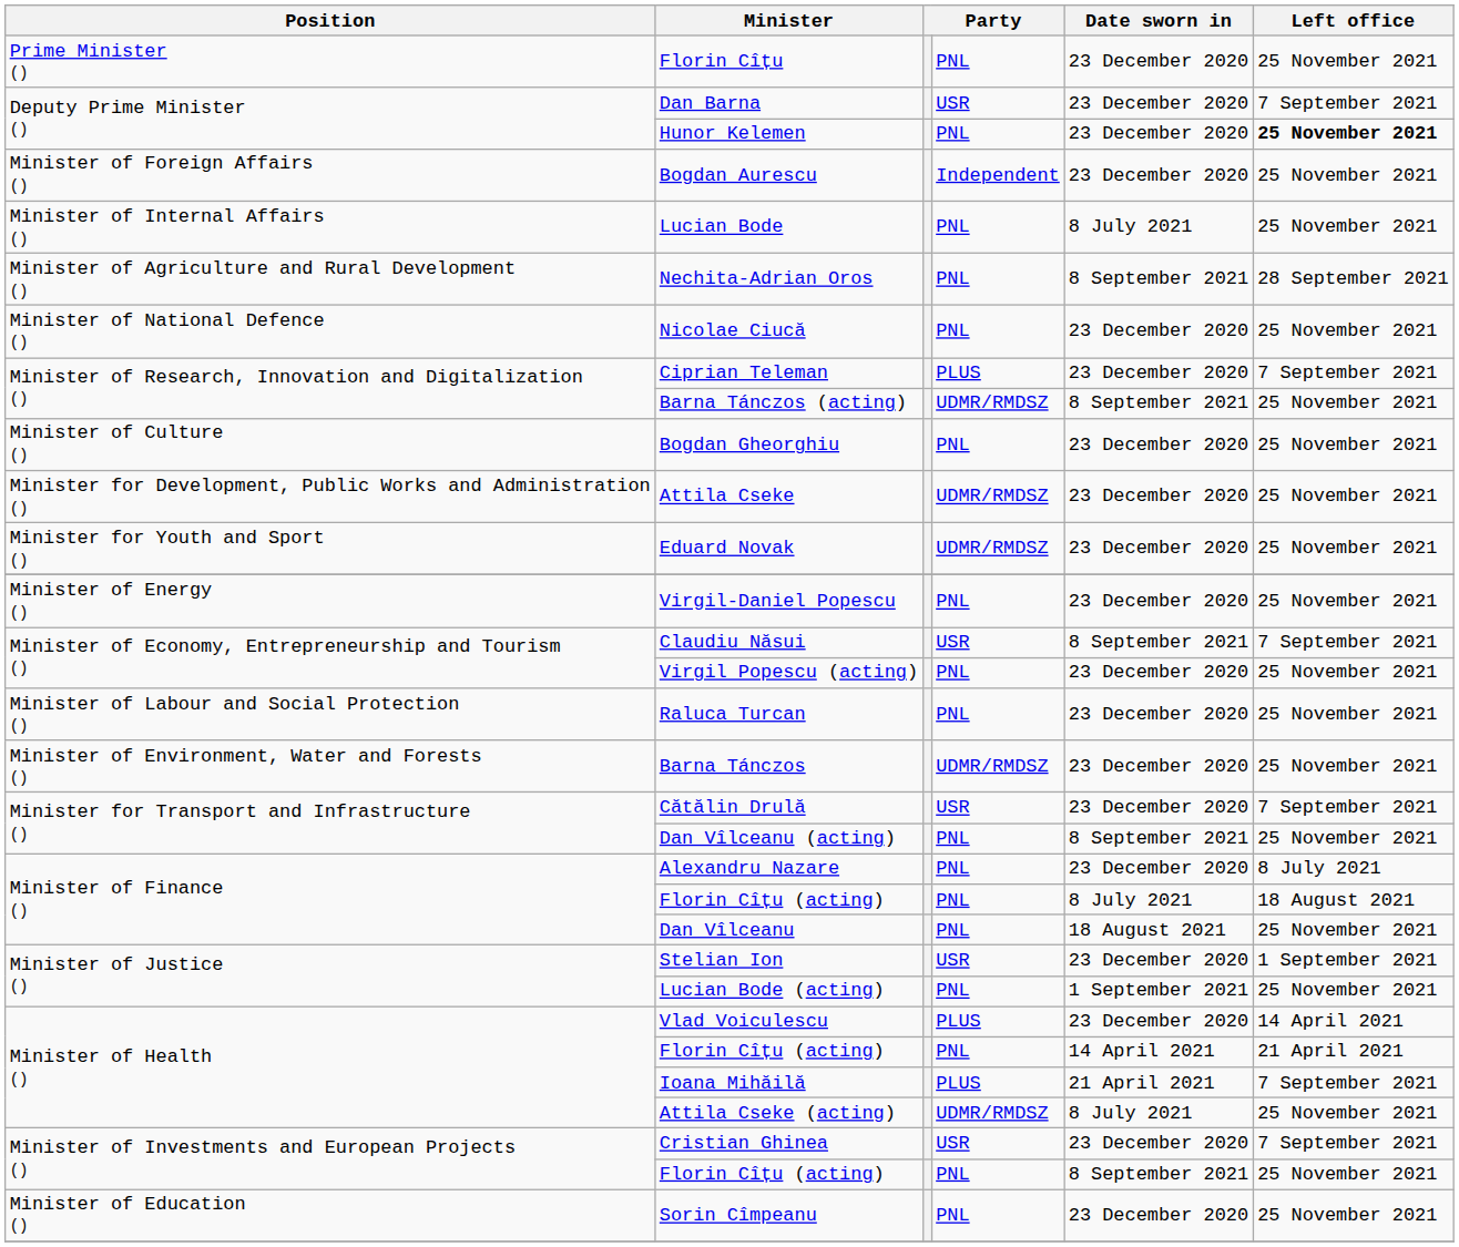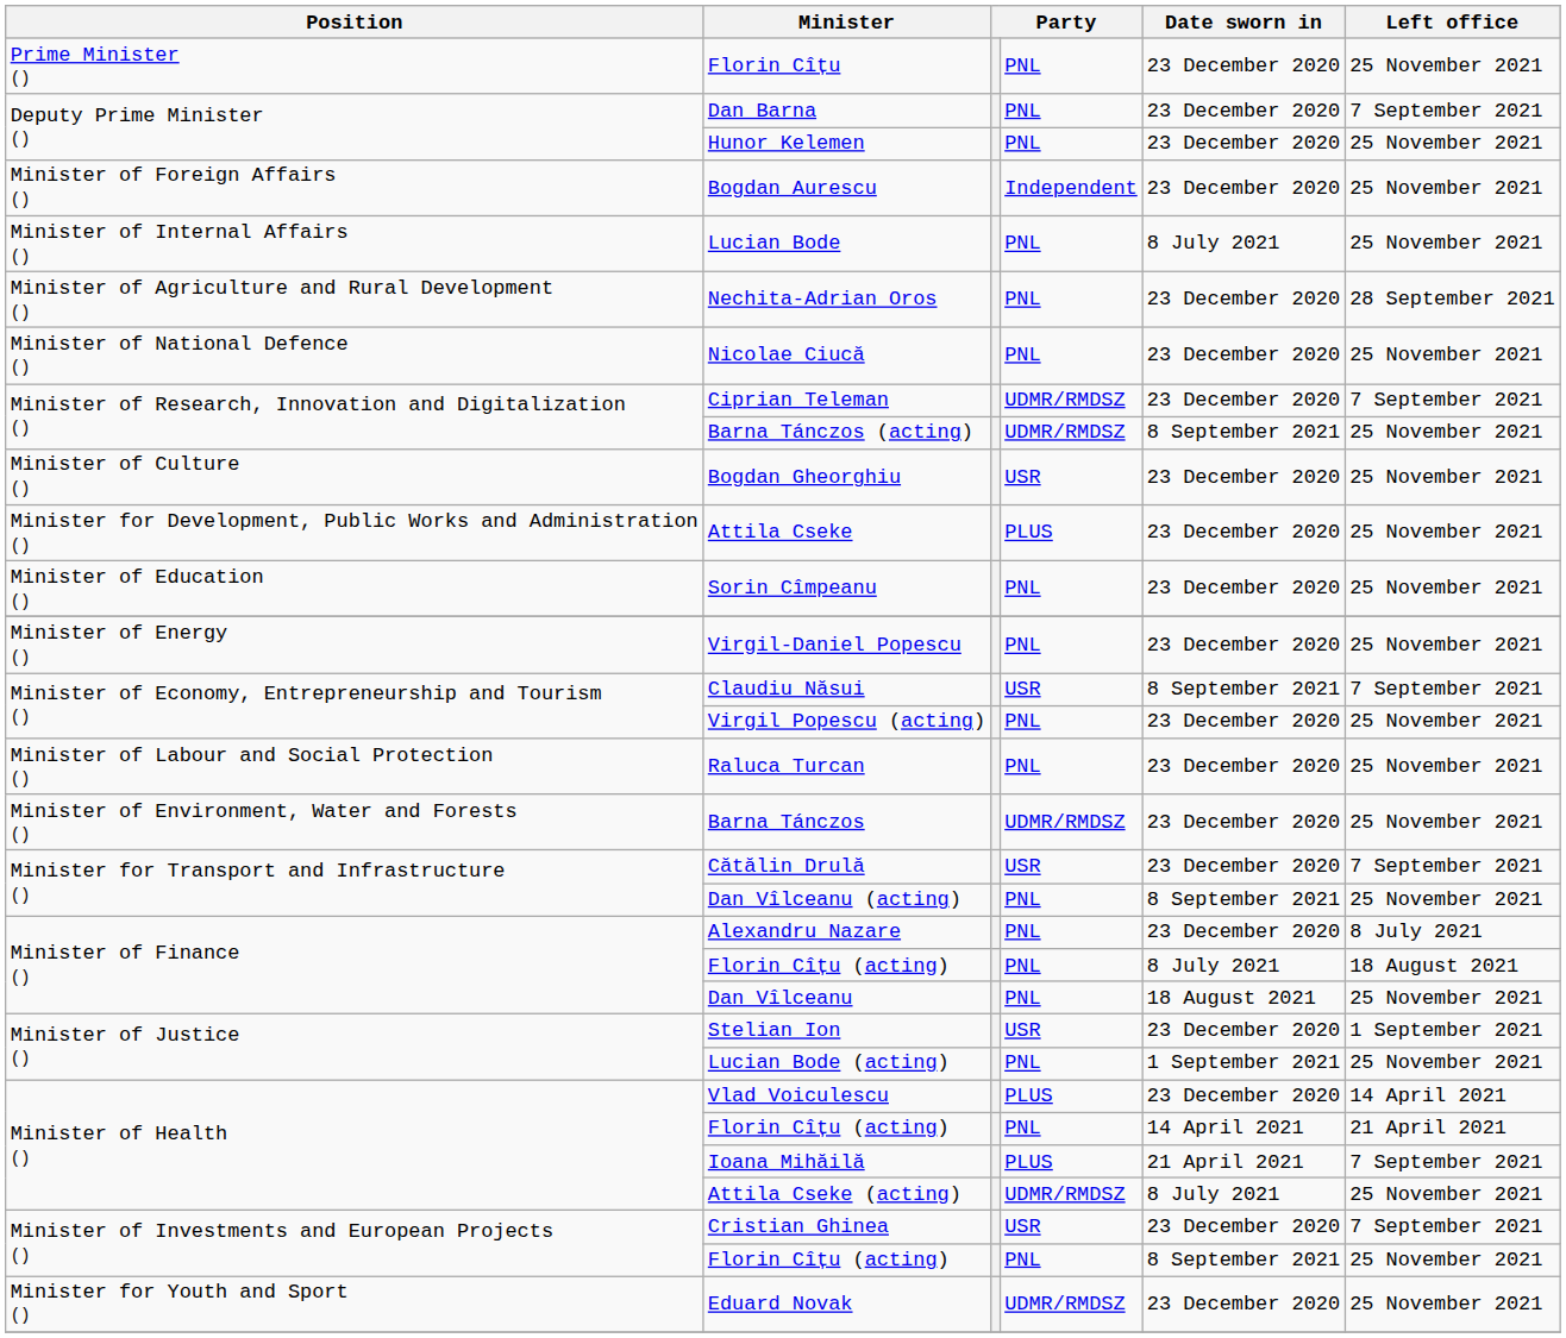 <table class="wikitable">
 <tr style="font-weight:bold; text-align:center; vertical-align:middle; background-color:#CCC;">
 <th>Position</th>
 <th>Minister</th>
 <th colspan="2">Party</th>
 <th>Date sworn in</th>
 <th>Left office</th>
 </tr>
 <tr style="vertical-align:middle;">
 <td><a href='#'>Prime Minister</a><br><small>()</small></td>
 <td><a href='#'>Florin Cîțu</a></td>
 <th style="background-color: "></th>
 <td><a href='#'>PNL</a></td>
 <td>23 December 2020</td>
 <td>25 November 2021</td>
 </tr>
 <tr>
 <td rowspan="2" style="vertical-align:middle;">Deputy Prime Minister<br><small>()</small></td>
 <td style="vertical-align:middle;"><a href='#'>Dan Barna</a></td>
 <th style="background-color: "></th>
-<td style="vertical-align:middle;"><a href='#'>USR</a></td>
+<td style="vertical-align:middle;"><a href='#'>PNL</a></td>
 <td>23 December 2020</td>
 <td>7 September 2021</td>
 </tr>
 <tr>
 <td><a href='#'>Hunor Kelemen</a></td>
 <th style="background-color: "></th>
 <td style="vertical-align:middle;"><a href='#'>PNL</a></td>
 <td>23 December 2020</td>
-<td><strong>25 November 2021</strong></td>
+<td>25 November 2021</td>
 </tr>
 <tr>
 <td style="vertical-align:middle;">Minister of Foreign Affairs<br><small>()</small></td>
 <td style="vertical-align:middle;"><a href='#'>Bogdan Aurescu</a></td>
 <th style="background-color: "></th>
 <td style="vertical-align:middle;"><a href='#'>Independent</a></td>
 <td>23 December 2020</td>
 <td style="vertical-align:middle;">25 November 2021</td>
 </tr>
 <tr>
 <td style="vertical-align:middle;">Minister of Internal Affairs<br><small>()</small></td>
 <td style="vertical-align:middle;"><a href='#'>Lucian Bode</a></td>
 <th style="background-color: "></th>
 <td style="vertical-align:middle;"><a href='#'>PNL</a></td>
 <td>8 July 2021</td>
 <td style="vertical-align:middle;">25 November 2021</td>
 </tr>
 <tr>
 <td style="vertical-align:middle;">Minister of Agriculture and Rural Development<br><small>()</small></td>
 <td style="vertical-align:middle;"><a href='#'>Nechita-Adrian Oros</a></td>
 <th style="background-color: "></th>
 <td style="vertical-align:middle;"><a href='#'>PNL</a></td>
-<td>8 September 2021</td>
+<td>23 December 2020</td>
 <td>28 September 2021</td>
 </tr>
 <tr>
 <td style="vertical-align:middle;">Minister of National Defence<br><small>()</small></td>
 <td style="vertical-align:middle;"><a href='#'>Nicolae Ciucă</a></td>
 <th style="background-color: "></th>
 <td style="vertical-align:middle;"><a href='#'>PNL</a></td>
 <td>23 December 2020</td>
 <td style="vertical-align:middle;">25 November 2021</td>
 </tr>
 <tr>
 <td rowspan="2" style="vertical-align:middle;">Minister of Research, Innovation and Digitalization<br><small>()</small></td>
 <td><a href='#'>Ciprian Teleman</a></td>
 <th style="background-color: "></th>
-<td><a href='#'>PLUS</a></td>
+<td><a href='#'>UDMR/RMDSZ</a></td>
 <td>23 December 2020</td>
 <td>7 September 2021</td>
 </tr>
 <tr>
 <td style="vertical-align:middle;"><a href='#'>Barna Tánczos</a> (<a href='#'>acting</a>)</td>
 <th style="background-color: "></th>
 <td><a href='#'>UDMR/RMDSZ</a></td>
 <td>8 September 2021</td>
 <td>25 November 2021</td>
 </tr>
 <tr>
 <td style="vertical-align:middle;">Minister of Culture<br><small>()</small></td>
 <td style="vertical-align:middle;"><a href='#'>Bogdan Gheorghiu</a></td>
 <th style="background-color: "></th>
-<td style="vertical-align:middle;"><a href='#'>PNL</a></td>
+<td style="vertical-align:middle;"><a href='#'>USR</a></td>
 <td>23 December 2020</td>
 <td style="vertical-align:middle;">25 November 2021</td>
 </tr>
 <tr>
 <td style="vertical-align:middle;">Minister for Development, Public Works and Administration<br><small>()</small></td>
 <td style="vertical-align:middle;"><a href='#'>Attila Cseke</a></td>
 <th style="background-color: "></th>
-<td><a href='#'>UDMR/RMDSZ</a></td>
+<td><a href='#'>PLUS</a></td>
 <td>23 December 2020</td>
 <td style="vertical-align:middle;">25 November 2021</td>
 </tr>
 <tr>
-<td style="vertical-align:middle;">Minister for Youth and Sport<br><small>()</small></td>
-<td style="vertical-align:middle;"><a href='#'>Eduard Novak</a></td>
+<td style="vertical-align:middle;">Minister of Education<br><small>()</small></td>
+<td style="vertical-align:middle;"><a href='#'>Sorin Cîmpeanu</a></td>
 <th style="background-color: "></th>
-<td><a href='#'>UDMR/RMDSZ</a></td>
+<td style="vertical-align:middle;"><a href='#'>PNL</a></td>
 <td>23 December 2020</td>
 <td style="vertical-align:middle;">25 November 2021</td>
 </tr>
 <tr>
 </tr>
 <tr>
 <td style="vertical-align:middle;">Minister of Energy<br><small>()</small></td>
 <td style="vertical-align:middle;"><a href='#'>Virgil-Daniel Popescu</a></td>
 <th style="background-color: "></th>
 <td style="vertical-align:middle;"><a href='#'>PNL</a></td>
 <td>23 December 2020</td>
 <td style="vertical-align:middle;">25 November 2021</td>
 </tr>
 <tr>
 <td rowspan="2" style="vertical-align:middle;">Minister of Economy, Entrepreneurship and Tourism<br><small>()</small></td>
 <td style="vertical-align:middle;"><a href='#'>Claudiu Năsui</a></td>
 <th style="background-color: "></th>
 <td style="vertical-align:middle;"><a href='#'>USR</a></td>
 <td>8 September 2021</td>
 <td>7 September 2021</td>
 </tr>
 <tr>
 <td style="vertical-align:middle;"><a href='#'>Virgil Popescu</a> (<a href='#'>acting</a>)</td>
 <th style="background-color: "></th>
 <td><a href='#'>PNL</a></td>
 <td>23 December 2020</td>
 <td>25 November 2021</td>
 </tr>
 <tr>
 <td style="vertical-align:middle;">Minister of Labour and Social Protection<br><small>()</small></td>
 <td style="vertical-align:middle;"><a href='#'>Raluca Turcan</a></td>
 <th style="background-color: "></th>
 <td style="vertical-align:middle;"><a href='#'>PNL</a></td>
 <td>23 December 2020</td>
 <td style="vertical-align:middle;">25 November 2021</td>
 </tr>
 <tr>
 <td style="vertical-align:middle;">Minister of Environment, Water and Forests<br><small>()</small></td>
 <td style="vertical-align:middle;"><a href='#'>Barna Tánczos</a></td>
 <th style="background-color: "></th>
 <td><a href='#'>UDMR/RMDSZ</a></td>
 <td>23 December 2020</td>
 <td style="vertical-align:middle;">25 November 2021</td>
 </tr>
 <tr>
 <td rowspan="2" style="vertical-align:middle;">Minister for Transport and Infrastructure<br><small>()</small></td>
 <td style="vertical-align:middle;"><a href='#'>Cătălin Drulă</a></td>
 <th style="background-color: "></th>
 <td><a href='#'>USR</a></td>
 <td>23 December 2020</td>
 <td>7 September 2021</td>
 </tr>
 <tr>
 <td style="vertical-align:middle;"><a href='#'>Dan Vîlceanu</a> (<a href='#'>acting</a>)</td>
 <th style="background-color: "></th>
 <td><a href='#'>PNL</a></td>
 <td>8 September 2021</td>
 <td>25 November 2021</td>
 </tr>
 <tr>
 <td rowspan="3" style="vertical-align:middle;">Minister of Finance<br><small>()</small></td>
 <td style="vertical-align:middle;"><a href='#'>Alexandru Nazare</a></td>
 <th style="background-color: "></th>
 <td style="vertical-align:middle;"><a href='#'>PNL</a></td>
 <td>23 December 2020</td>
 <td style="vertical-align:middle;">8 July 2021</td>
 </tr>
 <tr>
 <td style="vertical-align:middle;"><a href='#'>Florin Cîțu</a> (<a href='#'>acting</a>)</td>
 <th style="background-color: "></th>
 <td><a href='#'>PNL</a></td>
 <td>8 July 2021</td>
 <td style="vertical-align:middle;">18 August 2021</td>
 </tr>
 <tr>
 <td style="vertical-align:middle;"><a href='#'>Dan Vîlceanu</a></td>
 <th style="background-color: "></th>
 <td><a href='#'>PNL</a></td>
 <td>18 August 2021</td>
 <td>25 November 2021</td>
 </tr>
 <tr>
 <td rowspan="2" style="vertical-align:middle;">Minister of Justice<br><small>()</small></td>
 <td style="vertical-align:middle;"><a href='#'>Stelian Ion</a></td>
 <th style="background-color: "></th>
 <td><a href='#'>USR</a></td>
 <td>23 December 2020</td>
 <td style="vertical-align:middle;">1 September 2021</td>
 </tr>
 <tr>
 <td style="vertical-align:middle;"><a href='#'>Lucian Bode</a> (<a href='#'>acting</a>)</td>
 <th style="background-color: "></th>
 <td><a href='#'>PNL</a></td>
 <td>1 September 2021</td>
 <td>25 November 2021</td>
 </tr>
 <tr>
 <td rowspan="4" style="vertical-align:middle;">Minister of Health<br><small>()</small></td>
 <td style="vertical-align:middle;"><a href='#'>Vlad Voiculescu</a></td>
 <th style="background-color: "></th>
 <td><a href='#'>PLUS</a></td>
 <td>23 December 2020</td>
 <td style="vertical-align:middle;">14 April 2021</td>
 </tr>
 <tr>
 <td style="vertical-align:middle;"><a href='#'>Florin Cîțu</a> (<a href='#'>acting</a>)</td>
 <th style="background-color: "></th>
 <td><a href='#'>PNL</a></td>
 <td>14 April 2021</td>
 <td style="vertical-align:middle;">21 April 2021</td>
 </tr>
 <tr>
 <td style="vertical-align:middle;"><a href='#'>Ioana Mihăilă</a></td>
 <th style="background-color: "></th>
 <td><a href='#'>PLUS</a></td>
 <td>21 April 2021</td>
 <td>7 September 2021</td>
 </tr>
 <tr>
 <td style="vertical-align:middle;"><a href='#'>Attila Cseke</a> (<a href='#'>acting</a>)</td>
 <th style="background-color: "></th>
 <td><a href='#'>UDMR/RMDSZ</a></td>
 <td>8 July 2021</td>
 <td>25 November 2021</td>
 </tr>
 <tr>
 <td rowspan="2" style="vertical-align:middle;">Minister of Investments and European Projects<br><small>()</small></td>
 <td style="vertical-align:middle;"><a href='#'>Cristian Ghinea</a></td>
 <th style="background-color: "></th>
 <td><a href='#'>USR</a></td>
 <td>23 December 2020</td>
 <td>7 September 2021</td>
 </tr>
 <tr>
 <td style="vertical-align:middle;"><a href='#'>Florin Cîțu</a> (<a href='#'>acting</a>)</td>
 <th style="background-color: "></th>
 <td><a href='#'>PNL</a></td>
 <td>8 September 2021</td>
 <td>25 November 2021</td>
 </tr>
 <tr>
-<td style="vertical-align:middle;">Minister of Education<br><small>()</small></td>
-<td style="vertical-align:middle;"><a href='#'>Sorin Cîmpeanu</a></td>
+<td style="vertical-align:middle;">Minister for Youth and Sport<br><small>()</small></td>
+<td style="vertical-align:middle;"><a href='#'>Eduard Novak</a></td>
 <th style="background-color: "></th>
-<td style="vertical-align:middle;"><a href='#'>PNL</a></td>
+<td><a href='#'>UDMR/RMDSZ</a></td>
 <td>23 December 2020</td>
 <td style="vertical-align:middle;">25 November 2021</td>
 </tr>
 <tr>
 </tr>
 </table>
